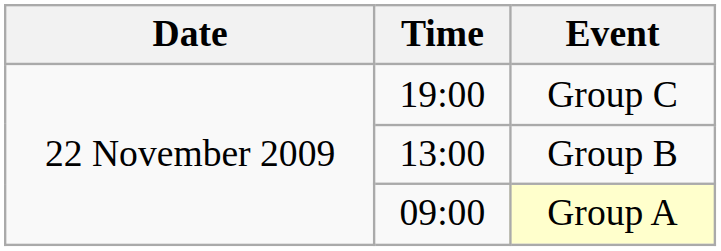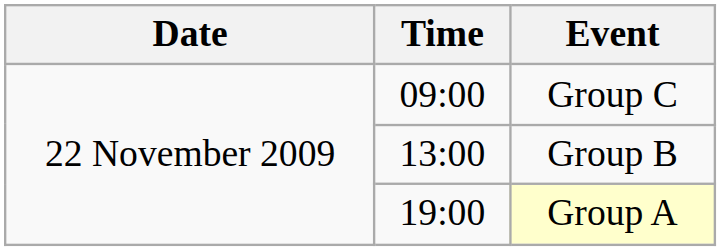 <table class = "wikitable" style="text-align:center;">
 <tr>
 <th width=150>Date</th>
 <th width=50>Time</th>
 <th width=80>Event</th>
 </tr>
 <tr>
 <td rowspan=3>22 November 2009</td>
-<td>19:00</td>
+<td>09:00</td>
 <td>Group C</td>
 </tr>
 <tr>
 <td>13:00</td>
 <td>Group B</td>
 </tr>
 <tr>
-<td>09:00</td>
+<td>19:00</td>
 <td bgcolor=ffffcc>Group A</td>
 </tr>
 </table>
